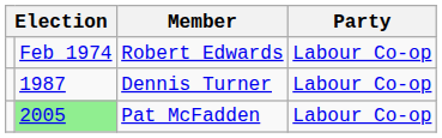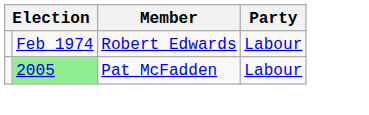 <table class="wikitable">
 <tr>
 <th colspan="2">Election</th>
 <th>Member</th>
 <th>Party</th>
 </tr>
 <tr>
 <td style="color:inherit;background-color: "></td>
 <td><a href='#'>Feb 1974</a></td>
 <td><a href='#'>Robert Edwards</a></td>
-<td><a href='#'>Labour Co-op</a></td>
-</tr>
-<tr>
-<td style="color:inherit;background-color: "></td>
-<td><a href='#'>1987</a></td>
-<td><a href='#'>Dennis Turner</a></td>
-<td><a href='#'>Labour Co-op</a></td>
+<td><a href='#'>Labour</a></td>
 </tr>
 <tr>
 <td style="color:inherit;background-color: "></td>
 <td style="background: lightgreen;"><a href='#'>2005</a></td>
 <td><a href='#'>Pat McFadden</a></td>
-<td><a href='#'>Labour Co-op</a></td>
+<td><a href='#'>Labour</a></td>
 </tr>
 </table>
